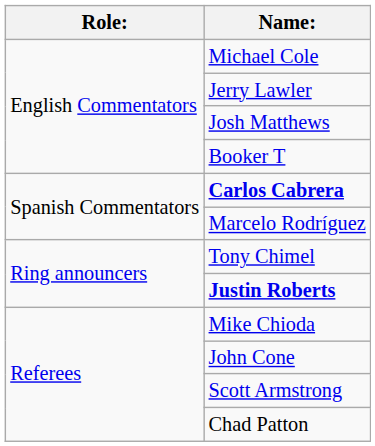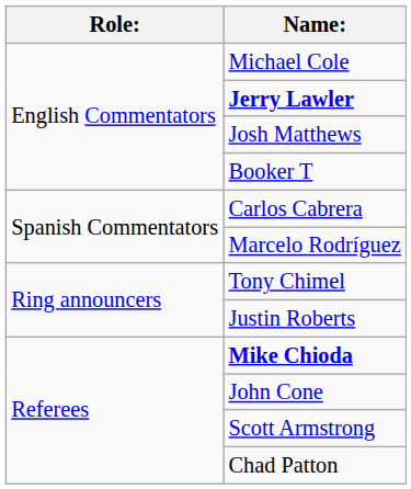 <table class=wikitable style="font-size:90%; margin: 0.5em 0 0.5em 1em; float: right; clear: right;">
 <tr>
 <th>Role:</th>
 <th>Name:</th>
 </tr>
 <tr>
 <td rowspan=4>English <a href='#'>Commentators</a></td>
 <td><a href='#'>Michael Cole</a></td>
 </tr>
 <tr>
-<td><a href='#'>Jerry Lawler</a></td>
+<td><strong><a href='#'>Jerry Lawler</a></strong></td>
 </tr>
 <tr>
 <td><a href='#'>Josh Matthews</a></td>
 </tr>
 <tr>
 <td><a href='#'>Booker T</a></td>
 </tr>
 <tr>
 <td rowspan=2>Spanish Commentators</td>
-<td><strong><a href='#'>Carlos Cabrera</a></strong></td>
+<td><a href='#'>Carlos Cabrera</a></td>
 </tr>
 <tr>
 <td><a href='#'>Marcelo Rodríguez</a></td>
 </tr>
 <tr>
 <td rowspan=2><a href='#'>Ring announcers</a></td>
 <td><a href='#'>Tony Chimel</a> </td>
 </tr>
 <tr>
-<td><strong><a href='#'>Justin Roberts</a> </strong></td>
+<td><a href='#'>Justin Roberts</a> </td>
 </tr>
 <tr>
 <td rowspan=4><a href='#'>Referees</a></td>
-<td><a href='#'>Mike Chioda</a></td>
+<td><strong><a href='#'>Mike Chioda</a></strong></td>
 </tr>
 <tr>
 <td><a href='#'>John Cone</a></td>
 </tr>
 <tr>
 <td><a href='#'>Scott Armstrong</a></td>
 </tr>
 <tr>
 <td>Chad Patton</td>
 </tr>
 </table>
